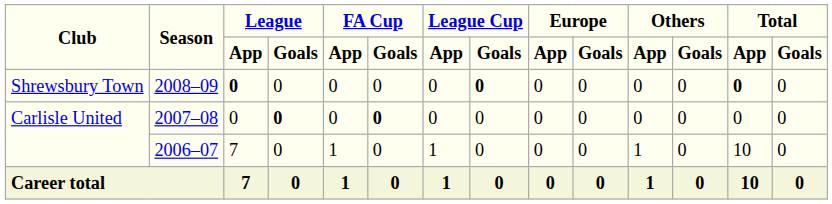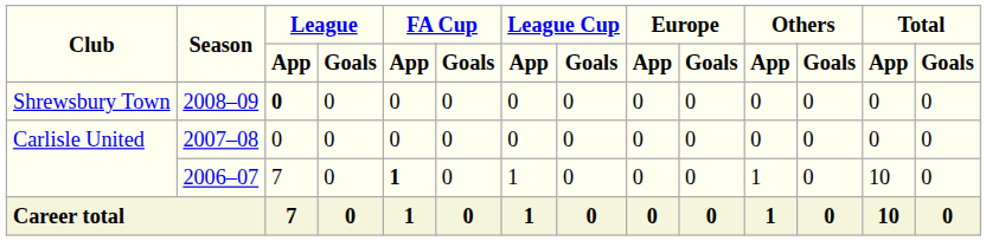 <table border=1 align=center cellpadding=4 cellspacing=2 style="background: ivory; font-size: 95%; border: 1px #aaaaaa solid; border-collapse: collapse; clear:center">
 <tr>
 <th rowspan="2">Club</th>
 <th rowspan="2">Season</th>
 <th colspan="2"><a href='#'>League</a></th>
 <th colspan="2"><a href='#'>FA Cup</a></th>
 <th colspan="2"><a href='#'>League Cup</a></th>
 <th colspan="2">Europe</th>
 <th colspan="2">Others</th>
 <th colspan="2">Total</th>
 </tr>
 <tr>
 <th>App</th>
 <th>Goals</th>
 <th>App</th>
 <th>Goals</th>
 <th>App</th>
 <th>Goals</th>
 <th>App</th>
 <th>Goals</th>
 <th>App</th>
 <th>Goals</th>
 <th>App</th>
 <th>Goals</th>
 </tr>
 <tr>
 <td rowspan="1" valign=top><a href='#'>Shrewsbury Town</a></td>
 <td><a href='#'>2008–09</a></td>
 <td><strong>0</strong></td>
 <td>0</td>
 <td>0</td>
 <td>0</td>
 <td>0</td>
-<td><strong>0</strong></td>
 <td>0</td>
 <td>0</td>
 <td>0</td>
 <td>0</td>
-<td><strong>0</strong></td>
+<td>0</td>
+<td>0</td>
 <td>0</td>
 </tr>
 <tr>
 <td rowspan="2" valign=top><a href='#'>Carlisle United</a></td>
 <td><a href='#'>2007–08</a></td>
 <td>0</td>
-<td><strong>0</strong></td>
 <td>0</td>
-<td><strong>0</strong></td>
+<td>0</td>
+<td>0</td>
 <td>0</td>
 <td>0</td>
 <td>0</td>
 <td>0</td>
 <td>0</td>
 <td>0</td>
 <td>0</td>
 <td>0</td>
 </tr>
 <tr>
 <td><a href='#'>2006–07</a></td>
 <td>7</td>
 <td>0</td>
-<td>1</td>
+<td><strong>1</strong></td>
 <td>0</td>
 <td>1</td>
 <td>0</td>
 <td>0</td>
 <td>0</td>
 <td>1</td>
 <td>0</td>
 <td>10</td>
 <td>0</td>
 </tr>
 <tr>
 <th align=left style="background:beige" colspan="2">Career total</th>
 <th style="background:beige">7</th>
 <th style="background:beige">0</th>
 <th style="background:beige">1</th>
 <th style="background:beige">0</th>
 <th style="background:beige">1</th>
 <th style="background:beige">0</th>
 <th style="background:beige">0</th>
 <th style="background:beige">0</th>
 <th style="background:beige">1</th>
 <th style="background:beige">0</th>
 <th style="background:beige">10</th>
 <th style="background:beige">0</th>
 </tr>
 </table>
